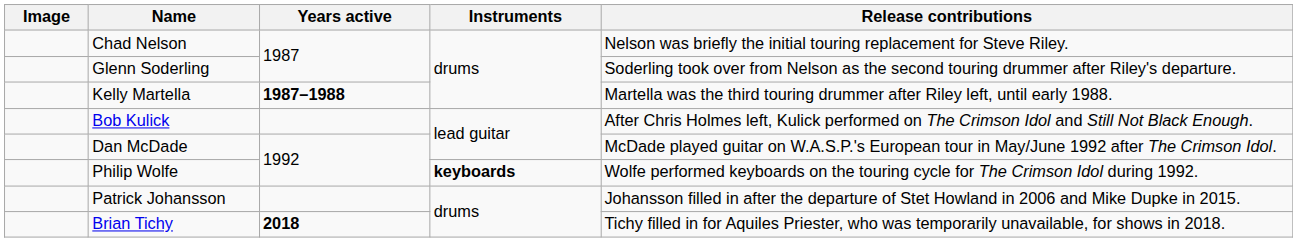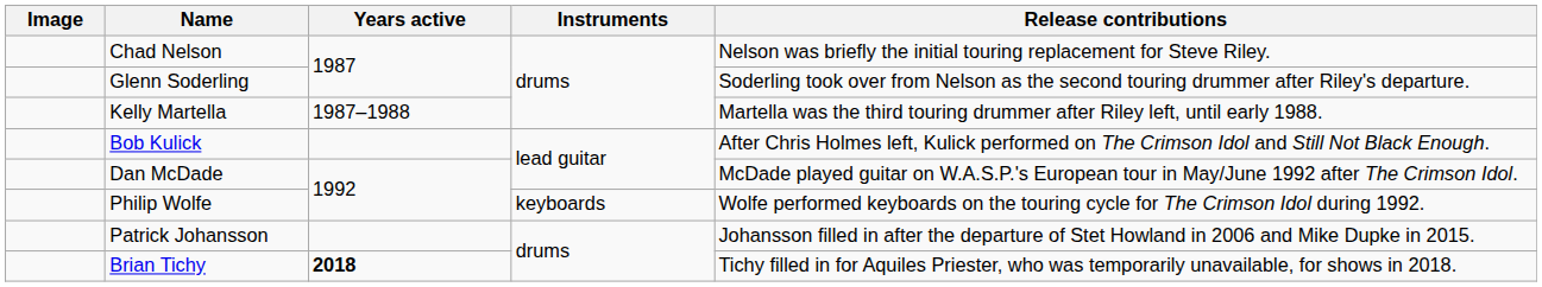 <table class="wikitable" border="1" width=100%>
 <tr>
 <th width="75">Image</th>
 <th width="160">Name</th>
 <th width="160">Years active</th>
 <th width="160">Instruments</th>
 <th>Release contributions</th>
 </tr>
 <tr>
 <td></td>
 <td>Chad Nelson</td>
 <td rowspan="2">1987 </td>
 <td rowspan="3">drums</td>
 <td>Nelson was briefly the initial touring replacement for Steve Riley.</td>
 </tr>
 <tr>
 <td></td>
 <td>Glenn Soderling</td>
 <td>Soderling took over from Nelson as the second touring drummer after Riley's departure.</td>
 </tr>
 <tr>
 <td></td>
 <td>Kelly Martella</td>
-<td><strong>1987–1988 </strong></td>
+<td>1987–1988 </td>
 <td>Martella was the third touring drummer after Riley left, until early 1988.</td>
 </tr>
 <tr>
 <td></td>
 <td><a href='#'>Bob Kulick</a></td>
 <td></td>
 <td rowspan="2">lead guitar</td>
 <td>After Chris Holmes left, Kulick performed on <em>The Crimson Idol</em> and <em>Still Not Black Enough</em>.</td>
 </tr>
 <tr>
 <td></td>
 <td>Dan McDade</td>
 <td rowspan="2">1992 </td>
 <td>McDade played guitar on W.A.S.P.'s European tour in May/June 1992 after <em>The Crimson Idol</em>.</td>
 </tr>
 <tr>
 <td></td>
 <td>Philip Wolfe</td>
-<td><strong>keyboards</strong></td>
+<td>keyboards</td>
 <td>Wolfe performed keyboards on the touring cycle for <em>The Crimson Idol</em> during 1992.</td>
 </tr>
 <tr>
 <td></td>
 <td>Patrick Johansson</td>
 <td></td>
 <td rowspan="2">drums</td>
 <td>Johansson filled in after the departure of Stet Howland in 2006 and Mike Dupke in 2015.</td>
 </tr>
 <tr>
 <td></td>
 <td><a href='#'>Brian Tichy</a></td>
 <td><strong>2018 </strong></td>
 <td>Tichy filled in for Aquiles Priester, who was temporarily unavailable, for shows in 2018.</td>
 </tr>
 </table>
